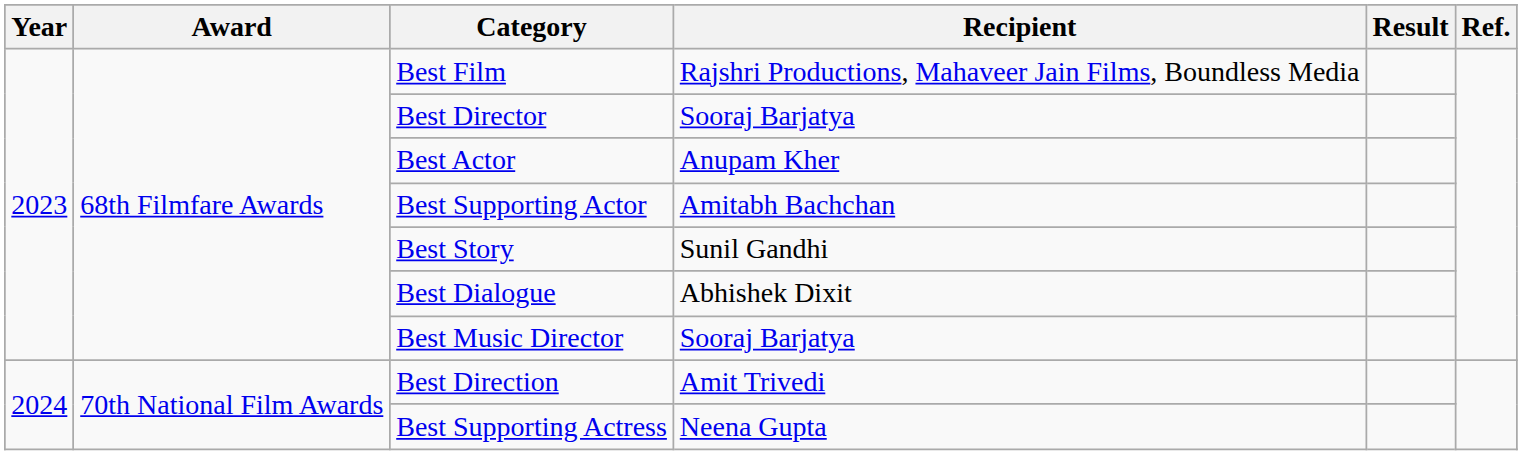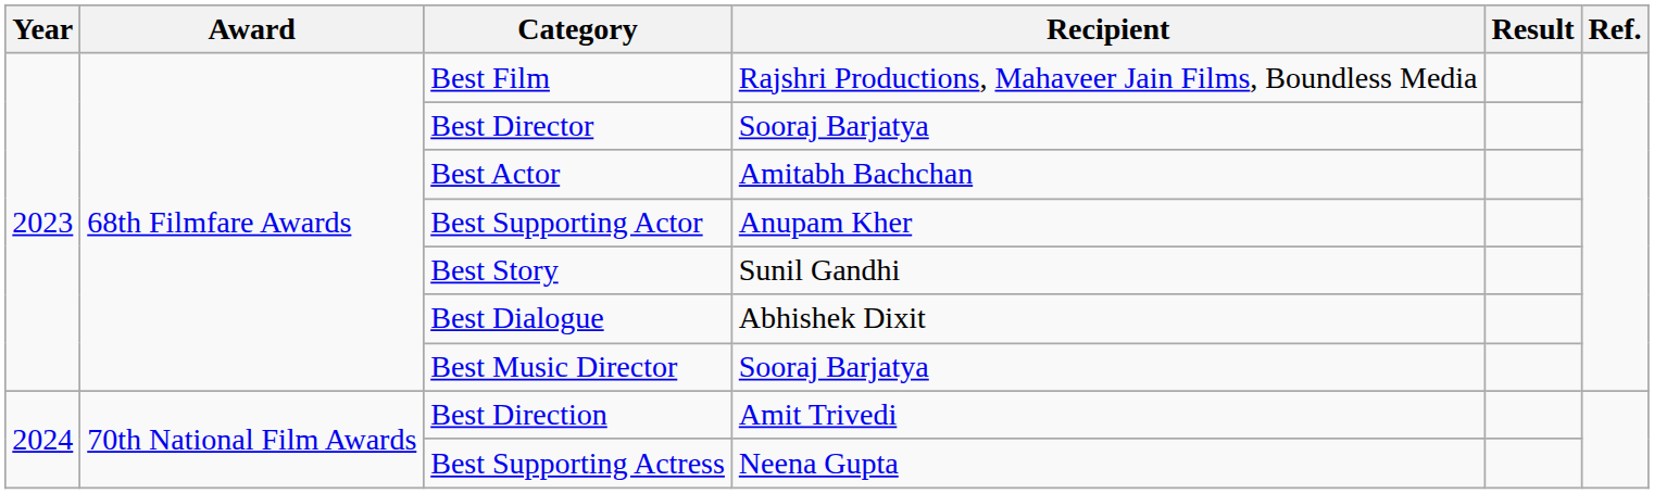 <table class="wikitable">
 <tr>
 <th>Year</th>
 <th>Award</th>
 <th>Category</th>
 <th>Recipient</th>
 <th>Result</th>
 <th>Ref.</th>
 </tr>
 <tr>
 <td rowspan="7"><a href='#'>2023</a></td>
 <td rowspan="7"><a href='#'>68th Filmfare Awards</a></td>
 <td><a href='#'>Best Film</a></td>
 <td><a href='#'>Rajshri Productions</a>, <a href='#'>Mahaveer Jain Films</a>, Boundless Media</td>
 <td></td>
 <td rowspan="7"></td>
 </tr>
 <tr>
 <td><a href='#'>Best Director</a></td>
 <td><a href='#'>Sooraj Barjatya</a></td>
 <td></td>
 </tr>
 <tr>
 <td><a href='#'>Best Actor</a></td>
-<td><a href='#'>Anupam Kher</a></td>
+<td><a href='#'>Amitabh Bachchan</a></td>
 <td></td>
 </tr>
 <tr>
 <td><a href='#'>Best Supporting Actor</a></td>
-<td><a href='#'>Amitabh Bachchan</a></td>
+<td><a href='#'>Anupam Kher</a></td>
 <td></td>
 </tr>
 <tr>
 <td><a href='#'>Best Story</a></td>
 <td>Sunil Gandhi</td>
 <td></td>
 </tr>
 <tr>
 <td><a href='#'>Best Dialogue</a></td>
 <td>Abhishek Dixit</td>
 <td></td>
 </tr>
 <tr>
 <td><a href='#'>Best Music Director</a></td>
 <td><a href='#'>Sooraj Barjatya</a></td>
 <td></td>
 </tr>
 <tr>
 <td rowspan="2"><a href='#'>2024</a></td>
 <td rowspan="2"><a href='#'>70th National Film Awards</a></td>
 <td><a href='#'>Best Direction</a></td>
 <td><a href='#'>Amit Trivedi</a></td>
 <td></td>
 <td rowspan="2"></td>
 </tr>
 <tr>
 <td><a href='#'>Best Supporting Actress</a></td>
 <td><a href='#'>Neena Gupta</a></td>
 <td></td>
 </tr>
 </table>
